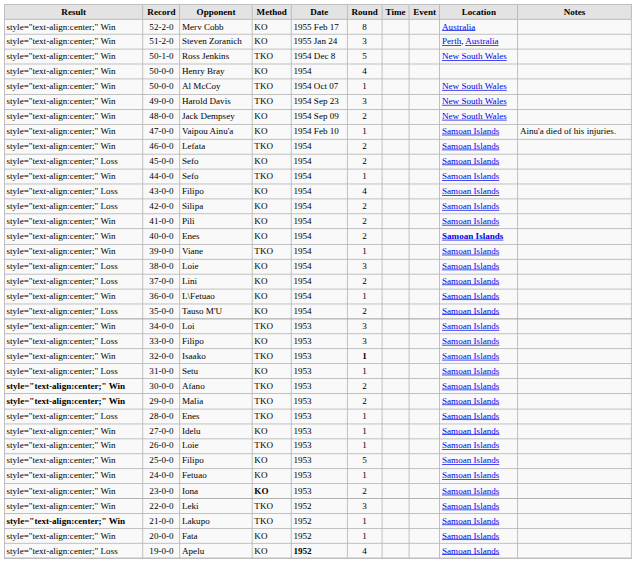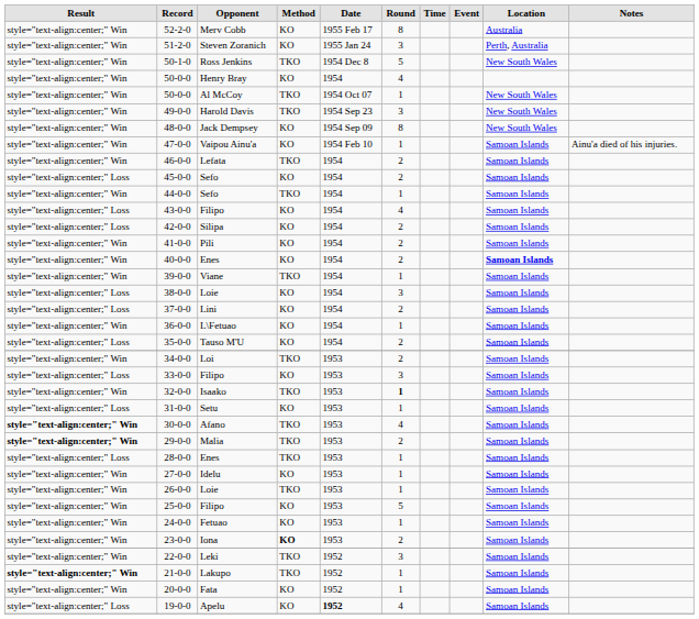 <table class="wikitable sortable" style="font-size:80%; text-align:left; width:100%;">
 <tr style="margin:0.5em auto; font-size:100%;">
 <th style="border-style:none none solid solid; background:#e3e3e3;">Result</th>
 <th style="border-style:none none solid solid; background:#e3e3e3;">Record</th>
 <th style="border-style:none none solid solid; background:#e3e3e3;">Opponent</th>
 <th style="border-style:none none solid solid; background:#e3e3e3;">Method</th>
 <th style="border-style:none none solid solid; background:#e3e3e3;">Date</th>
 <th style="border-style:none none solid solid; background:#e3e3e3;">Round</th>
 <th style="border-style:none none solid solid; background:#e3e3e3;">Time</th>
 <th style="border-style:none none solid solid; background:#e3e3e3;">Event</th>
 <th style="border-style:none none solid solid; background:#e3e3e3;">Location</th>
 <th style="border-style:none none solid solid; background:#e3e3e3;">Notes</th>
 </tr>
 <tr>
 <td>style="text-align:center;" Win</td>
 <td style="text-align:center;">52-2-0</td>
 <td align='left'>Merv Cobb</td>
 <td align='left'>KO</td>
 <td align='left'>1955 Feb 17</td>
 <td style="text-align:center;">8</td>
 <td style="text-align:center;"></td>
 <td align='left'></td>
 <td><a href='#'>Australia</a></td>
 <td></td>
 </tr>
 <tr>
 <td>style="text-align:center;" Win</td>
 <td style="text-align:center;">51-2-0</td>
 <td align='left'> Steven Zoranich</td>
 <td align='left'>KO</td>
 <td align='left'>1955 Jan 24</td>
 <td style="text-align:center;">3</td>
 <td style="text-align:center;"></td>
 <td align='left'></td>
 <td><a href='#'>Perth</a>, <a href='#'>Australia</a></td>
 <td></td>
 </tr>
 <tr>
 <td>style="text-align:center;" Win</td>
 <td style="text-align:center;">50-1-0</td>
 <td align='left'>Ross Jenkins</td>
 <td align='left'>TKO</td>
 <td align='left'>1954 Dec 8</td>
 <td style="text-align:center;">5</td>
 <td style="text-align:center;"></td>
 <td align='left'></td>
 <td><a href='#'>New South Wales</a></td>
 <td></td>
 </tr>
 <tr>
 <td>style="text-align:center;" Win</td>
 <td style="text-align:center;">50-0-0</td>
 <td align='left'>Henry Bray</td>
 <td align='left'>KO</td>
 <td align='left'>1954</td>
 <td style="text-align:center;">4</td>
 <td style="text-align:center;"></td>
 <td align='left'></td>
 <td></td>
 <td></td>
 </tr>
 <tr>
 <td>style="text-align:center;" Win</td>
 <td style="text-align:center;">50-0-0</td>
 <td align='left'>Al McCoy</td>
 <td align='left'>TKO</td>
 <td align='left'>1954  Oct 07</td>
 <td style="text-align:center;">1</td>
 <td style="text-align:center;"></td>
 <td align='left'></td>
 <td><a href='#'>New South Wales</a></td>
 <td></td>
 </tr>
 <tr>
 <td>style="text-align:center;" Win</td>
 <td style="text-align:center;">49-0-0</td>
 <td align='left'>Harold Davis</td>
 <td align='left'>TKO</td>
 <td align='left'>1954 Sep 23</td>
 <td style="text-align:center;">3</td>
 <td style="text-align:center;"></td>
 <td align='left'></td>
 <td><a href='#'>New South Wales</a></td>
 <td></td>
 </tr>
 <tr>
 <td>style="text-align:center;" Win</td>
 <td style="text-align:center;">48-0-0</td>
 <td align='left'>Jack Dempsey</td>
 <td align='left'>KO</td>
 <td align='left'>1954 Sep 09</td>
-<td style="text-align:center;">2</td>
+<td style="text-align:center;">8</td>
 <td style="text-align:center;"></td>
 <td align='left'></td>
 <td><a href='#'>New South Wales</a></td>
 <td></td>
 </tr>
 <tr>
 <td>style="text-align:center;" Win</td>
 <td style="text-align:center;">47-0-0</td>
 <td align='left'>Vaipou Ainu'a</td>
 <td align='left'>KO</td>
 <td align='left'>1954 Feb 10</td>
 <td style="text-align:center;">1</td>
 <td style="text-align:center;"></td>
 <td align='left'></td>
 <td><a href='#'>Samoan Islands</a></td>
 <td>Ainu'a died of his injuries.</td>
 </tr>
 <tr>
 <td>style="text-align:center;" Win</td>
 <td style="text-align:center;">46-0-0</td>
 <td align='left'>Lefata</td>
 <td align='left'>TKO</td>
 <td align='left'>1954</td>
 <td style="text-align:center;">2</td>
 <td style="text-align:center;"></td>
 <td align='left'></td>
 <td><a href='#'>Samoan Islands</a></td>
 <td></td>
 </tr>
 <tr>
 <td>style="text-align:center;" Loss</td>
 <td style="text-align:center;">45-0-0</td>
 <td align='left'>Sefo</td>
 <td align='left'>KO</td>
 <td align='left'>1954</td>
 <td style="text-align:center;">2</td>
 <td style="text-align:center;"></td>
 <td align='left'></td>
 <td><a href='#'>Samoan Islands</a></td>
 <td></td>
 </tr>
 <tr>
 <td>style="text-align:center;" Win</td>
 <td style="text-align:center;">44-0-0</td>
 <td align='left'>Sefo</td>
 <td align='left'>TKO</td>
 <td align='left'>1954</td>
 <td style="text-align:center;">1</td>
 <td style="text-align:center;"></td>
 <td align='left'></td>
 <td><a href='#'>Samoan Islands</a></td>
 <td></td>
 </tr>
 <tr>
 <td>style="text-align:center;" Loss</td>
 <td style="text-align:center;">43-0-0</td>
 <td align='left'>Filipo</td>
 <td align='left'>KO</td>
 <td align='left'>1954</td>
 <td style="text-align:center;">4</td>
 <td style="text-align:center;"></td>
 <td align='left'></td>
 <td><a href='#'>Samoan Islands</a></td>
 <td></td>
 </tr>
 <tr>
 <td>style="text-align:center;" Loss</td>
 <td style="text-align:center;">42-0-0</td>
 <td align='left'>Silipa</td>
 <td align='left'>KO</td>
 <td align='left'>1954</td>
 <td style="text-align:center;">2</td>
 <td style="text-align:center;"></td>
 <td align='left'></td>
 <td><a href='#'>Samoan Islands</a></td>
 <td></td>
 </tr>
 <tr>
 <td>style="text-align:center;" Win</td>
 <td style="text-align:center;">41-0-0</td>
 <td align='left'>Pili</td>
 <td align='left'>KO</td>
 <td align='left'>1954</td>
 <td style="text-align:center;">2</td>
 <td style="text-align:center;"></td>
 <td align='left'></td>
 <td><a href='#'>Samoan Islands</a></td>
 <td></td>
 </tr>
 <tr>
 <td>style="text-align:center;" Win</td>
 <td style="text-align:center;">40-0-0</td>
 <td align='left'>Enes</td>
 <td align='left'>KO</td>
 <td align='left'>1954</td>
 <td style="text-align:center;">2</td>
 <td style="text-align:center;"></td>
 <td align='left'></td>
 <td><strong><a href='#'>Samoan Islands</a></strong></td>
 <td></td>
 </tr>
 <tr>
 <td>style="text-align:center;" Win</td>
 <td style="text-align:center;">39-0-0</td>
 <td align='left'>Viane</td>
 <td align='left'>TKO</td>
 <td align='left'>1954</td>
 <td style="text-align:center;">1</td>
 <td style="text-align:center;"></td>
 <td align='left'></td>
 <td><a href='#'>Samoan Islands</a></td>
 <td></td>
 </tr>
 <tr>
 <td>style="text-align:center;" Loss</td>
 <td style="text-align:center;">38-0-0</td>
 <td align='left'>Loie</td>
 <td align='left'>KO</td>
 <td align='left'>1954</td>
 <td style="text-align:center;">3</td>
 <td style="text-align:center;"></td>
 <td align='left'></td>
 <td><a href='#'>Samoan Islands</a></td>
 <td></td>
 </tr>
 <tr>
 <td>style="text-align:center;" Loss</td>
 <td style="text-align:center;">37-0-0</td>
 <td align='left'>Lini</td>
 <td align='left'>KO</td>
 <td align='left'>1954</td>
 <td style="text-align:center;">2</td>
 <td style="text-align:center;"></td>
 <td align='left'></td>
 <td><a href='#'>Samoan Islands</a></td>
 <td></td>
 </tr>
 <tr>
 <td>style="text-align:center;" Win</td>
 <td style="text-align:center;">36-0-0</td>
 <td align='left'>L\Fetuao</td>
 <td align='left'>KO</td>
 <td align='left'>1954</td>
 <td style="text-align:center;">1</td>
 <td style="text-align:center;"></td>
 <td align='left'></td>
 <td><a href='#'>Samoan Islands</a></td>
 <td></td>
 </tr>
 <tr>
 <td>style="text-align:center;" Loss</td>
 <td style="text-align:center;">35-0-0</td>
 <td align='left'>Tauso M'U</td>
 <td align='left'>KO</td>
 <td align='left'>1954</td>
 <td style="text-align:center;">2</td>
 <td style="text-align:center;"></td>
 <td align='left'></td>
 <td><a href='#'>Samoan Islands</a></td>
 <td></td>
 </tr>
 <tr>
 </tr>
 <tr>
 <td>style="text-align:center;" Win</td>
 <td style="text-align:center;">34-0-0</td>
 <td align='left'>Loi</td>
 <td align='left'>TKO</td>
 <td align='left'>1953</td>
-<td style="text-align:center;">3</td>
+<td style="text-align:center;">2</td>
 <td style="text-align:center;"></td>
 <td align='left'></td>
 <td><a href='#'>Samoan Islands</a></td>
 <td></td>
 </tr>
 <tr>
 <td>style="text-align:center;" Loss</td>
 <td style="text-align:center;">33-0-0</td>
 <td align='left'>Filipo</td>
 <td align='left'>KO</td>
 <td align='left'>1953</td>
 <td style="text-align:center;">3</td>
 <td style="text-align:center;"></td>
 <td align='left'></td>
 <td><a href='#'>Samoan Islands</a></td>
 <td></td>
 </tr>
 <tr>
 <td>style="text-align:center;" Win</td>
 <td style="text-align:center;">32-0-0</td>
 <td align='left'>Isaako</td>
 <td align='left'>TKO</td>
 <td align='left'>1953</td>
 <td style="text-align:center;"><strong>1</strong></td>
 <td style="text-align:center;"></td>
 <td align='left'></td>
 <td><a href='#'>Samoan Islands</a></td>
 <td></td>
 </tr>
 <tr>
 <td>style="text-align:center;" Loss</td>
 <td style="text-align:center;">31-0-0</td>
 <td align='left'>Setu</td>
 <td align='left'>KO</td>
 <td align='left'>1953</td>
 <td style="text-align:center;">1</td>
 <td style="text-align:center;"></td>
 <td align='left'></td>
 <td><a href='#'>Samoan Islands</a></td>
 <td></td>
 </tr>
 <tr>
 <td><strong>style="text-align:center;" Win</strong></td>
 <td style="text-align:center;">30-0-0</td>
 <td align='left'>Afano</td>
 <td align='left'>TKO</td>
 <td align='left'>1953</td>
-<td style="text-align:center;">2</td>
+<td style="text-align:center;">4</td>
 <td style="text-align:center;"></td>
 <td align='left'></td>
 <td><a href='#'>Samoan Islands</a></td>
 <td></td>
 </tr>
 <tr>
 <td><strong>style="text-align:center;" Win</strong></td>
 <td style="text-align:center;">29-0-0</td>
 <td align='left'>Malia</td>
 <td align='left'>TKO</td>
 <td align='left'>1953</td>
 <td style="text-align:center;">2</td>
 <td style="text-align:center;"></td>
 <td align='left'></td>
 <td><a href='#'>Samoan Islands</a></td>
 <td></td>
 </tr>
 <tr>
 <td>style="text-align:center;" Loss</td>
 <td style="text-align:center;">28-0-0</td>
 <td align='left'>Enes</td>
 <td align='left'>TKO</td>
 <td align='left'>1953</td>
 <td style="text-align:center;">1</td>
 <td style="text-align:center;"></td>
 <td align='left'></td>
 <td><a href='#'>Samoan Islands</a></td>
 <td></td>
 </tr>
 <tr>
 <td>style="text-align:center;" Win</td>
 <td style="text-align:center;">27-0-0</td>
 <td align='left'>Idelu</td>
 <td align='left'>KO</td>
 <td align='left'>1953</td>
 <td style="text-align:center;">1</td>
 <td style="text-align:center;"></td>
 <td align='left'></td>
 <td><a href='#'>Samoan Islands</a></td>
 <td></td>
 </tr>
 <tr>
 <td>style="text-align:center;" Win</td>
 <td style="text-align:center;">26-0-0</td>
 <td align='left'>Loie</td>
 <td align='left'>TKO</td>
 <td align='left'>1953</td>
 <td style="text-align:center;">1</td>
 <td style="text-align:center;"></td>
 <td align='left'></td>
 <td><a href='#'>Samoan Islands</a></td>
 <td></td>
 </tr>
 <tr>
 <td>style="text-align:center;" Win</td>
 <td style="text-align:center;">25-0-0</td>
 <td align='left'>Filipo</td>
 <td align='left'>KO</td>
 <td align='left'>1953</td>
 <td style="text-align:center;">5</td>
 <td style="text-align:center;"></td>
 <td align='left'></td>
 <td><a href='#'>Samoan Islands</a></td>
 <td></td>
 </tr>
 <tr>
 <td>style="text-align:center;" Win</td>
 <td style="text-align:center;">24-0-0</td>
 <td align='left'>Fetuao</td>
 <td align='left'>KO</td>
 <td align='left'>1953</td>
 <td style="text-align:center;">1</td>
 <td style="text-align:center;"></td>
 <td align='left'></td>
 <td><a href='#'>Samoan Islands</a></td>
 <td></td>
 </tr>
 <tr>
 <td>style="text-align:center;" Win</td>
 <td style="text-align:center;">23-0-0</td>
 <td align='left'>Iona</td>
 <td align='left'><strong>KO</strong></td>
 <td align='left'>1953</td>
 <td style="text-align:center;">2</td>
 <td style="text-align:center;"></td>
 <td align='left'></td>
 <td><a href='#'>Samoan Islands</a></td>
 <td></td>
 </tr>
 <tr>
 </tr>
 <tr>
 <td>style="text-align:center;" Win</td>
 <td style="text-align:center;">22-0-0</td>
 <td align='left'>Leki</td>
 <td align='left'>TKO</td>
 <td align='left'>1952</td>
 <td style="text-align:center;">3</td>
 <td style="text-align:center;"></td>
 <td align='left'></td>
 <td><a href='#'>Samoan Islands</a></td>
 <td></td>
 </tr>
 <tr>
 <td><strong>style="text-align:center;" Win</strong></td>
 <td style="text-align:center;">21-0-0</td>
 <td align='left'>Lakupo</td>
 <td align='left'>TKO</td>
 <td align='left'>1952</td>
 <td style="text-align:center;">1</td>
 <td style="text-align:center;"></td>
 <td align='left'></td>
 <td><a href='#'>Samoan Islands</a></td>
 <td></td>
 </tr>
 <tr>
 <td>style="text-align:center;" Win</td>
 <td style="text-align:center;">20-0-0</td>
 <td align='left'>Fata</td>
 <td align='left'>KO</td>
 <td align='left'>1952</td>
 <td style="text-align:center;">1</td>
 <td style="text-align:center;"></td>
 <td align='left'></td>
 <td><a href='#'>Samoan Islands</a></td>
 <td></td>
 </tr>
 <tr>
 <td>style="text-align:center;" Loss</td>
 <td style="text-align:center;">19-0-0</td>
 <td align='left'>Apelu</td>
 <td align='left'>KO</td>
 <td align='left'><strong>1952</strong></td>
 <td style="text-align:center;">4</td>
 <td style="text-align:center;"></td>
 <td align='left'></td>
 <td><a href='#'>Samoan Islands</a></td>
 <td></td>
 </tr>
 <tr>
 </tr>
 </table>
